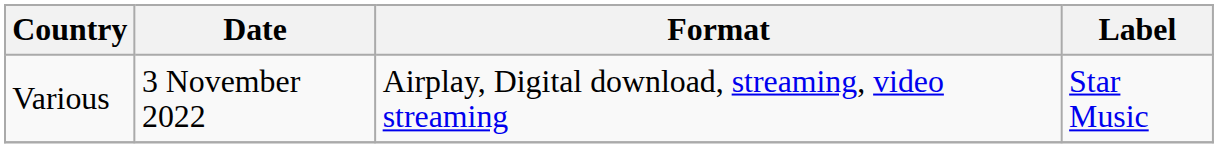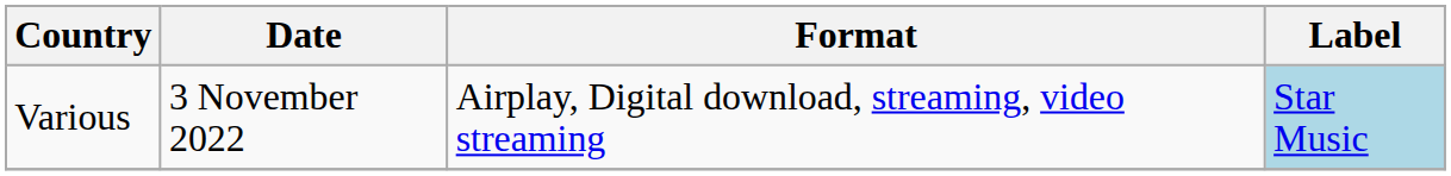 <table class="wikitable">
 <tr>
 <th>Country</th>
 <th>Date</th>
 <th>Format</th>
 <th>Label</th>
 </tr>
 <tr>
 <td>Various</td>
 <td>3 November 2022</td>
 <td>Airplay, Digital download, <a href='#'>streaming</a>, <a href='#'>video streaming</a></td>
-<td><a href='#'>Star Music</a></td>
+<td style="background: lightblue;"><a href='#'>Star Music</a></td>
 </tr>
 <tr>
 </tr>
 </table>
